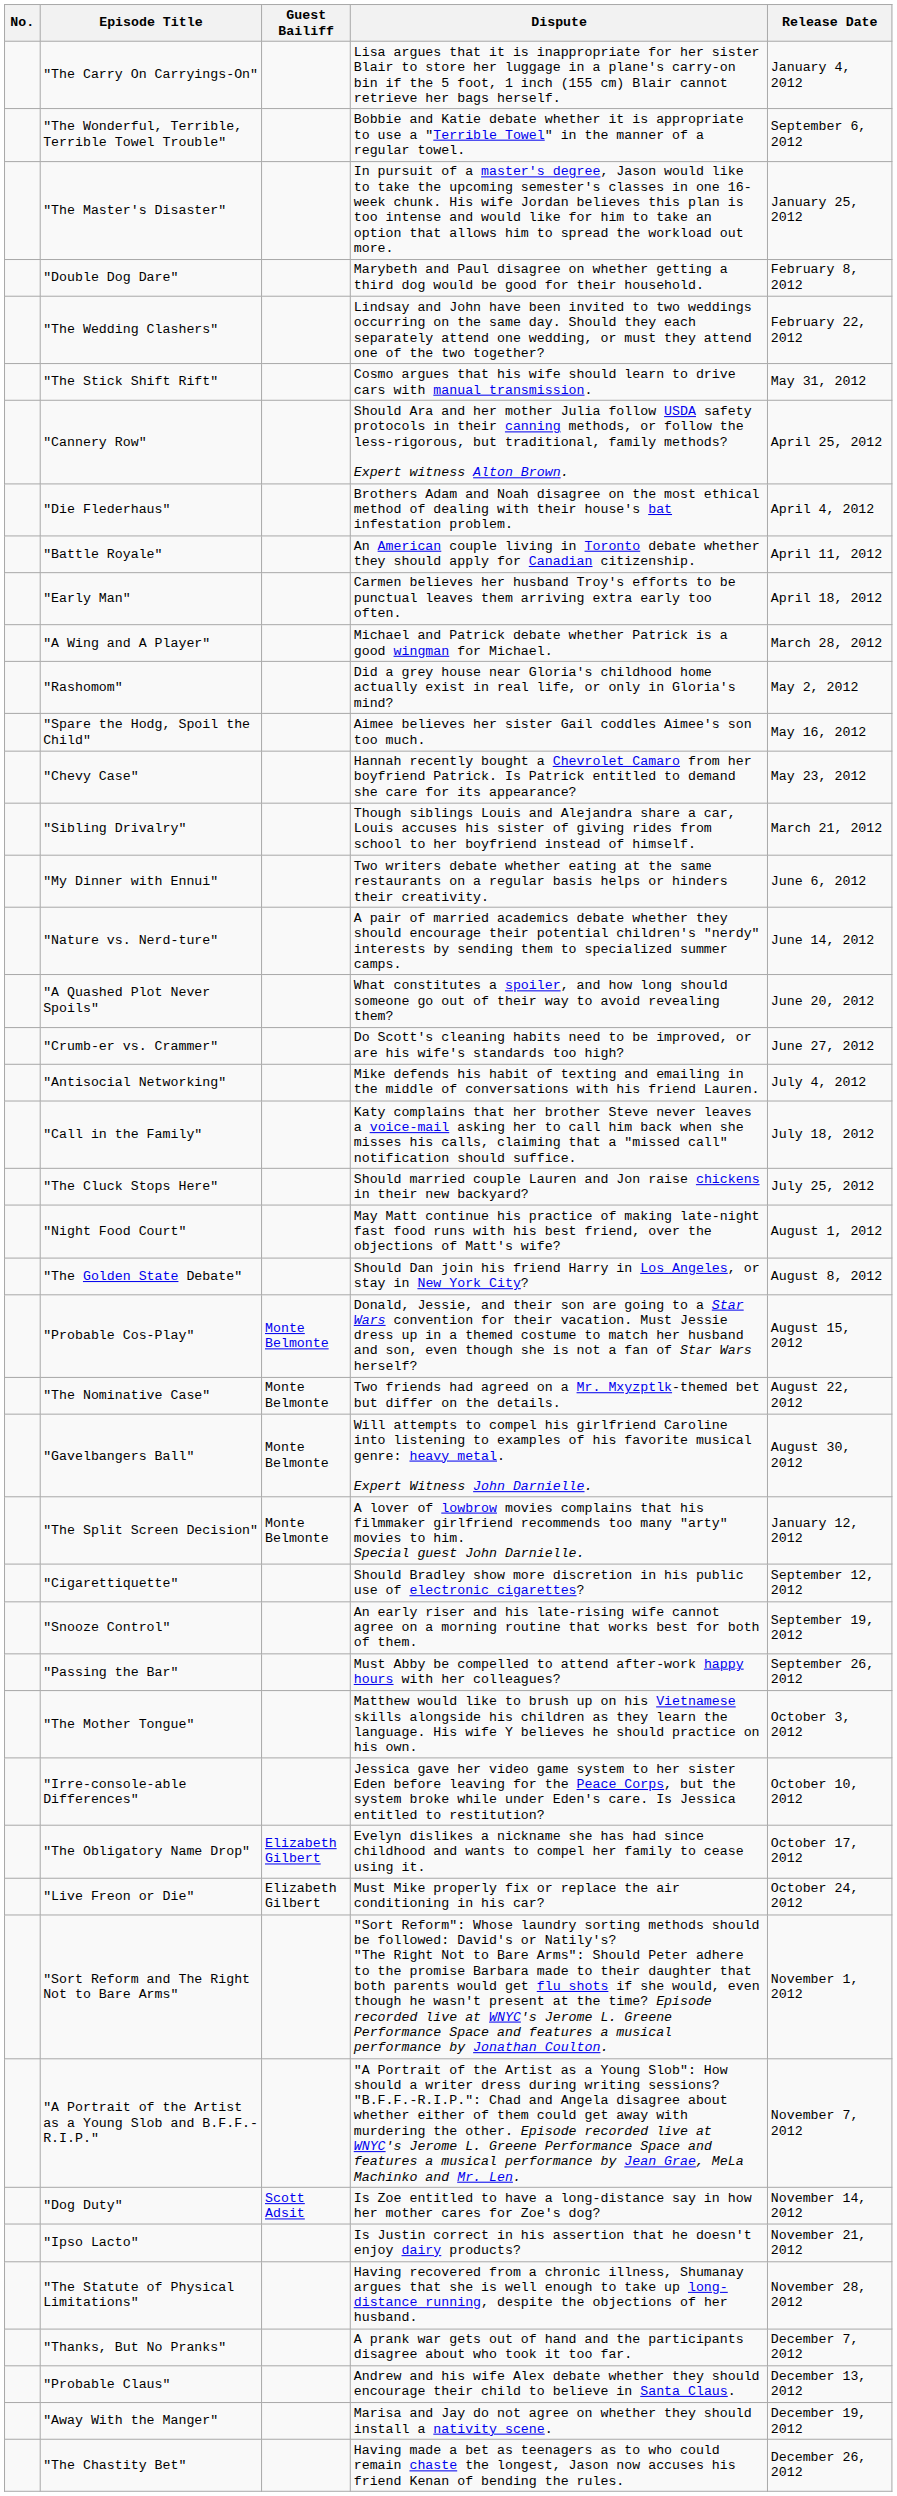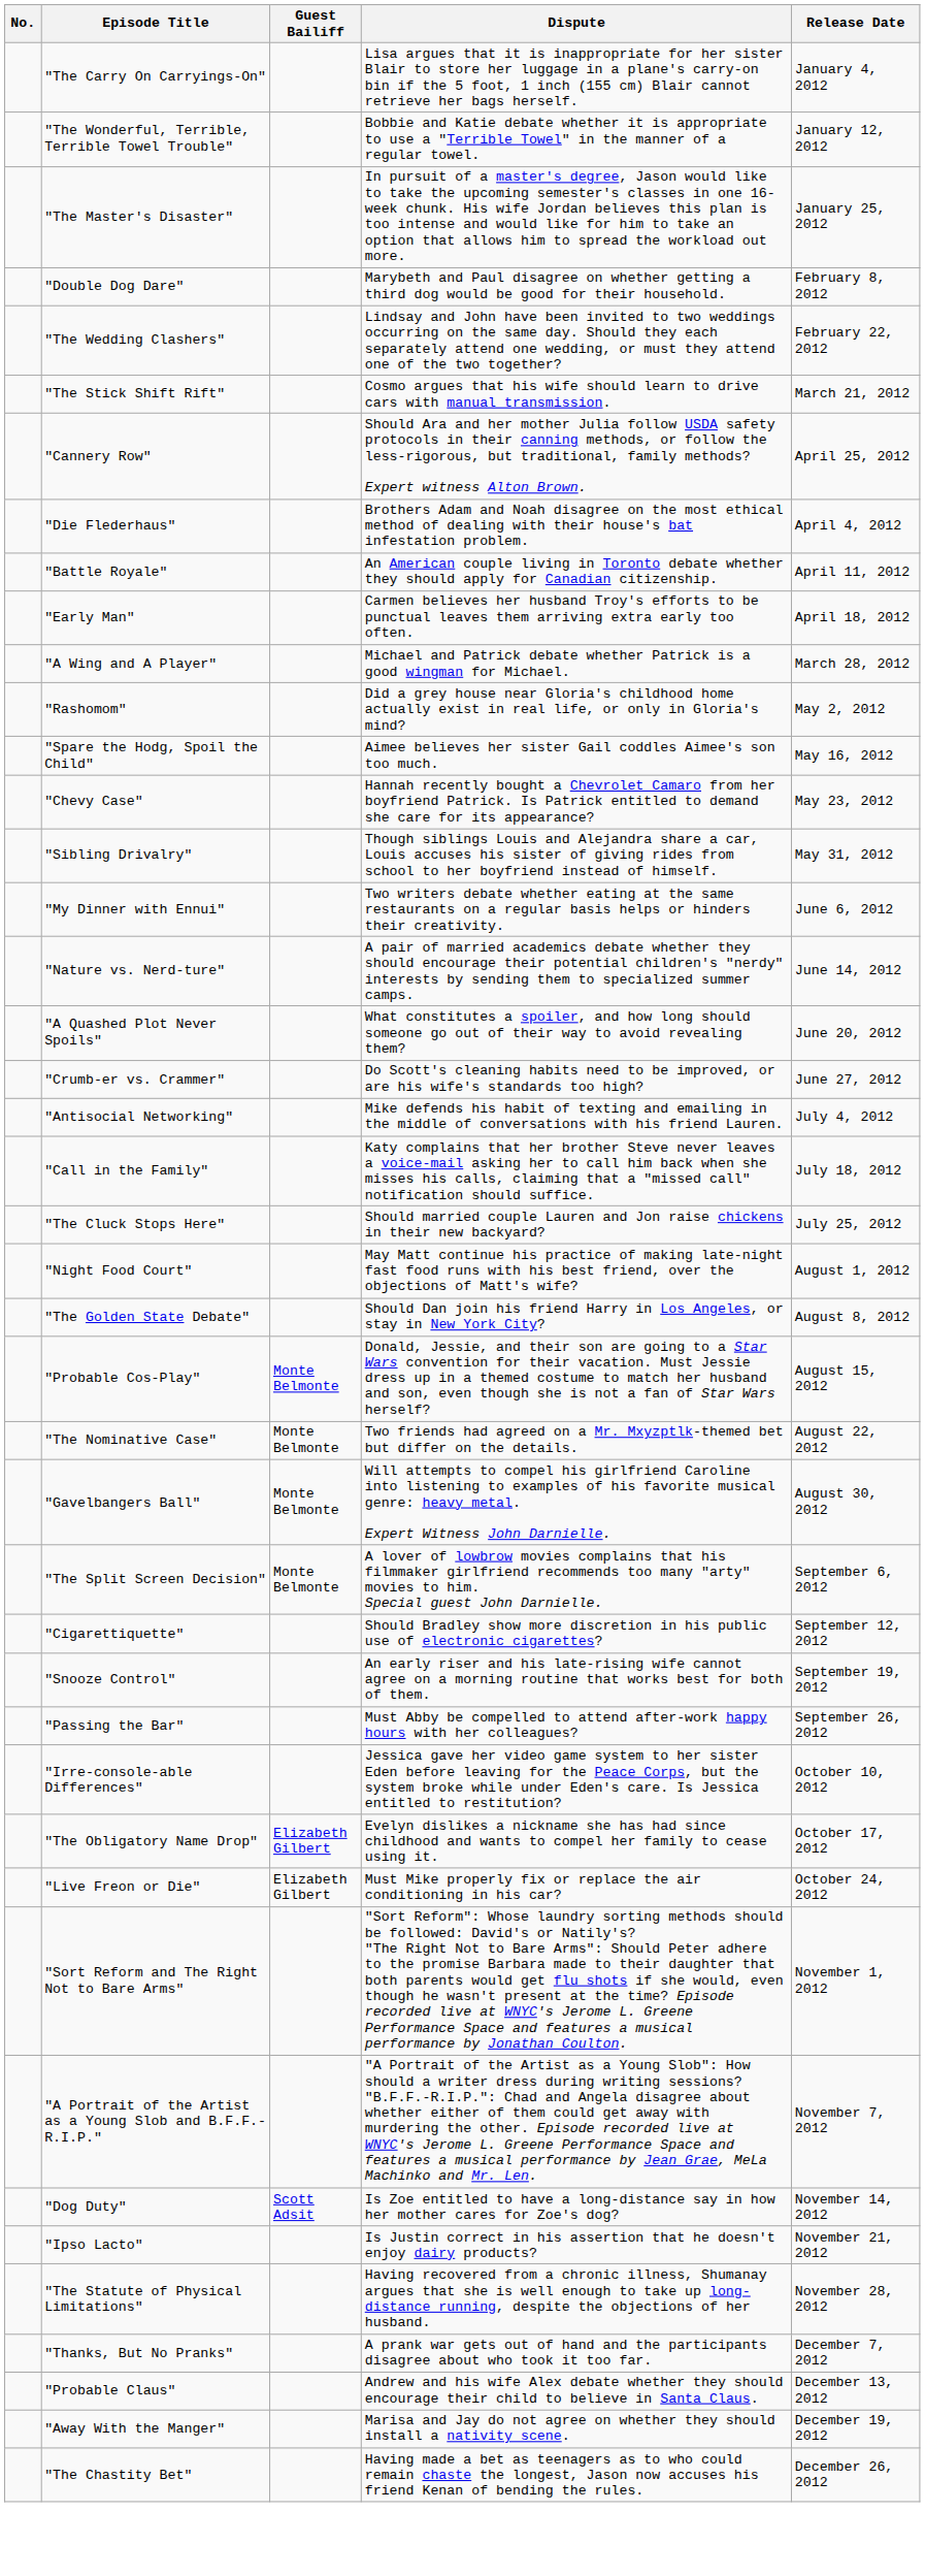 <table class="wikitable">
 <tr>
 <th width="4%">No.</th>
 <th width="25%">Episode Title</th>
 <th width="10%">Guest Bailiff</th>
 <th width="47%">Dispute</th>
 <th width="14%">Release Date</th>
 </tr>
 <tr>
 <td></td>
 <td>"The Carry On Carryings-On"</td>
 <td></td>
 <td>Lisa argues that it is inappropriate for her sister Blair to store her luggage in a plane's carry-on bin if the 5 foot, 1 inch (155 cm) Blair cannot retrieve her bags herself.</td>
 <td>January 4, 2012</td>
 </tr>
 <tr>
 <td></td>
 <td>"The Wonderful, Terrible, Terrible Towel Trouble"</td>
 <td></td>
 <td>Bobbie and Katie debate whether it is appropriate to use a "<a href='#'>Terrible Towel</a>" in the manner of a regular towel.</td>
-<td>September 6, 2012</td>
+<td>January 12, 2012</td>
 </tr>
 <tr>
 <td></td>
 <td>"The Master's Disaster"</td>
 <td></td>
 <td>In pursuit of a <a href='#'>master's degree</a>, Jason would like to take the upcoming semester's classes in one 16-week chunk. His wife Jordan believes this plan is too intense and would like for him to take an option that allows him to spread the workload out more.</td>
 <td>January 25, 2012</td>
 </tr>
 <tr>
 <td></td>
 <td>"Double Dog Dare"</td>
 <td></td>
 <td>Marybeth and Paul disagree on whether getting a third dog would be good for their household.</td>
 <td>February 8, 2012</td>
 </tr>
 <tr>
 <td></td>
 <td>"The Wedding Clashers"</td>
 <td></td>
 <td>Lindsay and John have been invited to two weddings occurring on the same day. Should they each separately attend one wedding, or must they attend one of the two together?</td>
 <td>February 22, 2012</td>
 </tr>
 <tr>
 <td></td>
 <td>"The Stick Shift Rift"</td>
 <td></td>
 <td>Cosmo argues that his wife should learn to drive cars with <a href='#'>manual transmission</a>.</td>
-<td>May 31, 2012</td>
+<td>March 21, 2012</td>
 </tr>
 <tr>
 <td></td>
 <td>"Cannery Row"</td>
 <td></td>
 <td>Should Ara and her mother Julia follow <a href='#'>USDA</a> safety protocols in their <a href='#'>canning</a> methods, or follow the less-rigorous, but traditional, family methods?<br><br><em>Expert witness <a href='#'>Alton Brown</a>.</em></td>
 <td>April 25, 2012</td>
 </tr>
 <tr>
 <td></td>
 <td>"Die Flederhaus"</td>
 <td></td>
 <td>Brothers Adam and Noah disagree on the most ethical method of dealing with their house's <a href='#'>bat</a> infestation problem.</td>
 <td>April 4, 2012</td>
 </tr>
 <tr>
 <td></td>
 <td>"Battle Royale"</td>
 <td></td>
 <td>An <a href='#'>American</a> couple living in <a href='#'>Toronto</a> debate whether they should apply for <a href='#'>Canadian</a> citizenship.</td>
 <td>April 11, 2012</td>
 </tr>
 <tr>
 <td></td>
 <td>"Early Man"</td>
 <td></td>
 <td>Carmen believes her husband Troy's efforts to be punctual leaves them arriving extra early too often.</td>
 <td>April 18, 2012</td>
 </tr>
 <tr>
 <td></td>
 <td>"A Wing and A Player"</td>
 <td></td>
 <td>Michael and Patrick debate whether Patrick is a good <a href='#'>wingman</a> for Michael.</td>
 <td>March 28, 2012</td>
 </tr>
 <tr>
 <td></td>
 <td>"Rashomom"</td>
 <td></td>
 <td>Did a grey house near Gloria's childhood home actually exist in real life, or only in Gloria's mind?</td>
 <td>May 2, 2012</td>
 </tr>
 <tr>
 <td></td>
 <td>"Spare the Hodg, Spoil the Child"</td>
 <td></td>
 <td>Aimee believes her sister Gail coddles Aimee's son too much.</td>
 <td>May 16, 2012</td>
 </tr>
 <tr>
 <td></td>
 <td>"Chevy Case"</td>
 <td></td>
 <td>Hannah recently bought a <a href='#'>Chevrolet Camaro</a> from her boyfriend Patrick. Is Patrick entitled to demand she care for its appearance?</td>
 <td>May 23, 2012</td>
 </tr>
 <tr>
 <td></td>
 <td>"Sibling Drivalry"</td>
 <td></td>
 <td>Though siblings Louis and Alejandra share a car, Louis accuses his sister of giving rides from school to her boyfriend instead of himself.</td>
-<td>March 21, 2012</td>
+<td>May 31, 2012</td>
 </tr>
 <tr>
 <td></td>
 <td>"My Dinner with Ennui"</td>
 <td></td>
 <td>Two writers debate whether eating at the same restaurants on a regular basis helps or hinders their creativity.</td>
 <td>June 6, 2012</td>
 </tr>
 <tr>
 <td></td>
 <td>"Nature vs. Nerd-ture"</td>
 <td></td>
 <td>A pair of married academics debate whether they should encourage their potential children's "nerdy" interests by sending them to specialized summer camps.</td>
 <td>June 14, 2012</td>
 </tr>
 <tr>
 <td></td>
 <td>"A Quashed Plot Never Spoils"</td>
 <td></td>
 <td>What constitutes a <a href='#'>spoiler</a>, and how long should someone go out of their way to avoid revealing them?</td>
 <td>June 20, 2012</td>
 </tr>
 <tr>
 <td></td>
 <td>"Crumb-er vs. Crammer"</td>
 <td></td>
 <td>Do Scott's cleaning habits need to be improved, or are his wife's standards too high?</td>
 <td>June 27, 2012</td>
 </tr>
 <tr>
 <td></td>
 <td>"Antisocial Networking"</td>
 <td></td>
 <td>Mike defends his habit of texting and emailing in the middle of conversations with his friend Lauren.</td>
 <td>July 4, 2012</td>
 </tr>
 <tr>
 <td></td>
 <td>"Call in the Family"</td>
 <td></td>
 <td>Katy complains that her brother Steve never leaves a <a href='#'>voice-mail</a> asking her to call him back when she misses his calls, claiming that a "missed call" notification should suffice.</td>
 <td>July 18, 2012</td>
 </tr>
 <tr>
 <td></td>
 <td>"The Cluck Stops Here"</td>
 <td></td>
 <td>Should married couple Lauren and Jon raise <a href='#'>chickens</a> in their new backyard?</td>
 <td>July 25, 2012</td>
 </tr>
 <tr>
 <td></td>
 <td>"Night Food Court"</td>
 <td></td>
 <td>May Matt continue his practice of making late-night fast food runs with his best friend, over the objections of Matt's wife?</td>
 <td>August 1, 2012</td>
 </tr>
 <tr>
 <td></td>
 <td>"The <a href='#'>Golden State</a> Debate"</td>
 <td></td>
 <td>Should Dan join his friend Harry in <a href='#'>Los Angeles</a>, or stay in <a href='#'>New York City</a>?</td>
 <td>August 8, 2012</td>
 </tr>
 <tr>
 <td></td>
 <td>"Probable Cos-Play"</td>
 <td><a href='#'>Monte Belmonte</a></td>
 <td>Donald, Jessie, and their son are going to a <em><a href='#'>Star Wars</a></em> convention for their vacation. Must Jessie dress up in a themed costume to match her husband and son, even though she is not a fan of <em>Star Wars</em> herself?</td>
 <td>August 15, 2012</td>
 </tr>
 <tr>
 <td></td>
 <td>"The Nominative Case"</td>
 <td>Monte Belmonte</td>
 <td>Two friends had agreed on a <a href='#'>Mr. Mxyzptlk</a>-themed bet but differ on the details.</td>
 <td>August 22, 2012</td>
 </tr>
 <tr>
 <td></td>
 <td>"Gavelbangers Ball"</td>
 <td>Monte Belmonte</td>
 <td>Will attempts to compel his girlfriend Caroline into listening to examples of his favorite musical genre: <a href='#'>heavy metal</a>.<br><br><em>Expert Witness <a href='#'>John Darnielle</a>.</em></td>
 <td>August 30, 2012</td>
 </tr>
 <tr>
 <td></td>
 <td>"The Split Screen Decision"</td>
 <td>Monte Belmonte</td>
 <td>A lover of <a href='#'>lowbrow</a> movies complains that his filmmaker girlfriend recommends too many "arty" movies to him.<br><em>Special guest John Darnielle.</em></td>
-<td>January 12, 2012</td>
+<td>September 6, 2012</td>
 </tr>
 <tr>
 <td></td>
 <td>"Cigarettiquette"</td>
 <td></td>
 <td>Should Bradley show more discretion in his public use of <a href='#'>electronic cigarettes</a>?</td>
 <td>September 12, 2012</td>
 </tr>
 <tr>
 <td></td>
 <td>"Snooze Control"</td>
 <td></td>
 <td>An early riser and his late-rising wife cannot agree on a morning routine that works best for both of them.</td>
 <td>September 19, 2012</td>
 </tr>
 <tr>
 <td></td>
 <td>"Passing the Bar"</td>
 <td></td>
 <td>Must Abby be compelled to attend after-work <a href='#'>happy hours</a> with her colleagues?</td>
 <td>September 26, 2012</td>
-</tr>
-<tr>
-<td></td>
-<td>"The Mother Tongue"</td>
-<td></td>
-<td>Matthew would like to brush up on his <a href='#'>Vietnamese</a> skills alongside his children as they learn the language. His wife Y believes he should practice on his own.</td>
-<td>October 3, 2012</td>
 </tr>
 <tr>
 <td></td>
 <td>"Irre-console-able Differences"</td>
 <td></td>
 <td>Jessica gave her video game system to her sister Eden before leaving for the <a href='#'>Peace Corps</a>, but the system broke while under Eden's care. Is Jessica entitled to restitution?</td>
 <td>October 10, 2012</td>
 </tr>
 <tr>
 <td></td>
 <td>"The Obligatory Name Drop"</td>
 <td><a href='#'>Elizabeth Gilbert</a></td>
 <td>Evelyn dislikes a nickname she has had since childhood and wants to compel her family to cease using it.</td>
 <td>October 17, 2012</td>
 </tr>
 <tr>
 <td></td>
 <td>"Live Freon or Die"</td>
 <td>Elizabeth Gilbert</td>
 <td>Must Mike properly fix or replace the air conditioning in his car?</td>
 <td>October 24, 2012</td>
 </tr>
 <tr>
 <td></td>
 <td>"Sort Reform and The Right Not to Bare Arms"</td>
 <td></td>
 <td>"Sort Reform": Whose laundry sorting methods should be followed: David's or Natily's?<br>"The Right Not to Bare Arms": Should Peter adhere to the promise Barbara made to their daughter that both parents would get <a href='#'>flu shots</a> if she would, even though he wasn't present at the time? <em>Episode recorded live at <a href='#'>WNYC</a>'s Jerome L. Greene Performance Space and features a musical performance by <a href='#'>Jonathan Coulton</a>.</em></td>
 <td>November 1, 2012</td>
 </tr>
 <tr>
 <td></td>
 <td>"A Portrait of the Artist as a Young Slob and B.F.F.-R.I.P."</td>
 <td></td>
 <td>"A Portrait of the Artist as a Young Slob": How should a writer dress during writing sessions?<br>"B.F.F.-R.I.P.": Chad and Angela disagree about whether either of them could get away with murdering the other. <em>Episode recorded live at <a href='#'>WNYC</a>'s Jerome L. Greene Performance Space and features a musical performance by <a href='#'>Jean Grae</a>, MeLa Machinko and <a href='#'>Mr. Len</a>.</em></td>
 <td>November 7, 2012</td>
 </tr>
 <tr>
 <td></td>
 <td>"Dog Duty"</td>
 <td><a href='#'>Scott Adsit</a></td>
 <td>Is Zoe entitled to have a long-distance say in how her mother cares for Zoe's dog?</td>
 <td>November 14, 2012</td>
 </tr>
 <tr>
 <td></td>
 <td>"Ipso Lacto"</td>
 <td></td>
 <td>Is Justin correct in his assertion that he doesn't enjoy <a href='#'>dairy</a> products?</td>
 <td>November 21, 2012</td>
 </tr>
 <tr>
 <td></td>
 <td>"The Statute of Physical Limitations"</td>
 <td></td>
 <td>Having recovered from a chronic illness, Shumanay argues that she is well enough to take up <a href='#'>long-distance running</a>, despite the objections of her husband.</td>
 <td>November 28, 2012</td>
 </tr>
 <tr>
 <td></td>
 <td>"Thanks, But No Pranks"</td>
 <td></td>
 <td>A prank war gets out of hand and the participants disagree about who took it too far.</td>
 <td>December 7, 2012</td>
 </tr>
 <tr>
 <td></td>
 <td>"Probable Claus"</td>
 <td></td>
 <td>Andrew and his wife Alex debate whether they should encourage their child to believe in <a href='#'>Santa Claus</a>.</td>
 <td>December 13, 2012</td>
 </tr>
 <tr>
 <td></td>
 <td>"Away With the Manger"</td>
 <td></td>
 <td>Marisa and Jay do not agree on whether they should install a <a href='#'>nativity scene</a>.</td>
 <td>December 19, 2012</td>
 </tr>
 <tr>
 <td></td>
 <td>"The Chastity Bet"</td>
 <td></td>
 <td>Having made a bet as teenagers as to who could remain <a href='#'>chaste</a> the longest, Jason now accuses his friend Kenan of bending the rules.</td>
 <td>December 26, 2012</td>
 </tr>
 </table>
